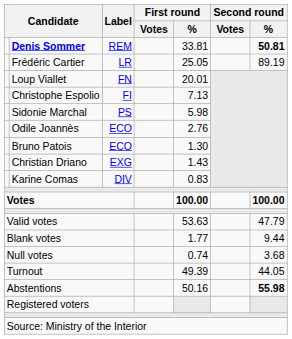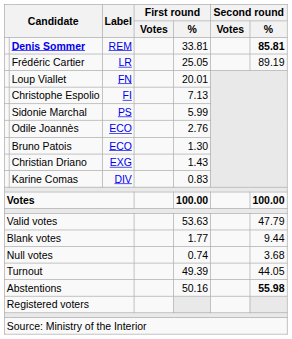 <table class="wikitable" style="text-align:right;font-size:95%;">
 <tr>
 <th rowspan="2" colspan="2">Candidate</th>
 <th rowspan="2">Label</th>
 <th colspan="2">First round</th>
 <th colspan="2">Second round</th>
 </tr>
 <tr>
 <th style="width:50px;">Votes</th>
 <th style="width:45px;">%</th>
 <th style="width:50px;">Votes</th>
 <th style="width:45px;">%</th>
 </tr>
 <tr>
 <td style="color:inherit;background:"></td>
 <td style="text-align:left;"><strong><a href='#'>Denis Sommer</a></strong></td>
 <td><a href='#'>REM</a></td>
 <td></td>
 <td>33.81</td>
 <td><strong></strong></td>
-<td><strong>50.81</strong></td>
+<td><strong>85.81</strong></td>
 </tr>
 <tr>
 <td style="color:inherit;background:"></td>
 <td style="text-align:left;">Frédéric Cartier</td>
 <td><a href='#'>LR</a></td>
 <td></td>
 <td>25.05</td>
 <td></td>
 <td>89.19</td>
 </tr>
 <tr>
 <td style="color:inherit;background:"></td>
 <td style="text-align:left;">Loup Viallet</td>
 <td><a href='#'>FN</a></td>
 <td></td>
 <td>20.01</td>
 <td colspan="2" rowspan="7" style="background:#E9E9E9;"></td>
 </tr>
 <tr>
 <td style="color:inherit;background:"></td>
 <td style="text-align:left;">Christophe Espolio</td>
 <td><a href='#'>FI</a></td>
 <td></td>
 <td>7.13</td>
 </tr>
 <tr>
 <td style="color:inherit;background:"></td>
 <td style="text-align:left;">Sidonie Marchal</td>
 <td><a href='#'>PS</a></td>
 <td></td>
-<td>5.98</td>
+<td>5.99</td>
 </tr>
 <tr>
 <td style="color:inherit;background:"></td>
 <td style="text-align:left;">Odile Joannès</td>
 <td><a href='#'>ECO</a></td>
 <td></td>
 <td>2.76</td>
 </tr>
 <tr>
 <td style="color:inherit;background:"></td>
 <td style="text-align:left;">Bruno Patois</td>
 <td><a href='#'>ECO</a></td>
 <td></td>
 <td>1.30</td>
 </tr>
 <tr>
 <td style="color:inherit;background:"></td>
 <td style="text-align:left;">Christian Driano</td>
 <td><a href='#'>EXG</a></td>
 <td></td>
 <td>1.43</td>
 </tr>
 <tr>
 <td style="color:inherit;background:"></td>
 <td style="text-align:left;">Karine Comas</td>
 <td><a href='#'>DIV</a></td>
 <td></td>
 <td>0.83</td>
 </tr>
 <tr>
 <td colspan="7" style="background:#E9E9E9;"></td>
 </tr>
 <tr style="font-weight:bold;">
 <td colspan="3" style="text-align:left;">Votes</td>
 <td></td>
 <td>100.00</td>
 <td></td>
 <td>100.00</td>
 </tr>
 <tr>
 <td colspan="7" style="background:#E9E9E9;"></td>
 </tr>
 <tr>
 <td colspan="3" style="text-align:left;">Valid votes</td>
 <td></td>
 <td>53.63</td>
 <td></td>
 <td>47.79</td>
 </tr>
 <tr>
 <td colspan="3" style="text-align:left;">Blank votes</td>
 <td></td>
 <td>1.77</td>
 <td></td>
 <td>9.44</td>
 </tr>
 <tr>
 <td colspan="3" style="text-align:left;">Null votes</td>
 <td></td>
 <td>0.74</td>
 <td></td>
 <td>3.68</td>
 </tr>
 <tr>
 <td colspan="3" style="text-align:left;">Turnout</td>
 <td></td>
 <td>49.39</td>
 <td></td>
 <td>44.05</td>
 </tr>
 <tr>
 <td colspan="3" style="text-align:left;">Abstentions</td>
 <td></td>
 <td>50.16</td>
 <td></td>
 <td><strong>55.98</strong></td>
 </tr>
 <tr>
 <td colspan="3" style="text-align:left;">Registered voters</td>
 <td></td>
 <td style="color:inherit;background:#E9E9E9;"></td>
 <td></td>
 <td style="color:inherit;background:#E9E9E9;"></td>
 </tr>
 <tr>
 <td colspan="7" style="background:#E9E9E9;"></td>
 </tr>
 <tr>
 <td colspan="7" style="text-align:left;">Source: Ministry of the Interior</td>
 </tr>
 </table>
